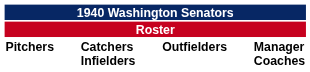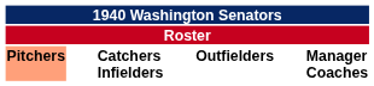 <table class="toccolours" style="font-size: 95%;">
 <tr>
 <th colspan="10" style="background-color: #072764; color: white; text-align: center;">1940 Washington Senators</th>
 </tr>
 <tr>
 <td colspan="10" style="background-color: #c6011f; color: white; text-align: center;"><strong>Roster</strong></td>
 </tr>
 <tr>
-<td valign="top"><strong>Pitchers</strong><br>             </td>
+<td valign="top" style="background: lightsalmon;"><strong>Pitchers</strong><br>             </td>
 <td width="25px"></td>
 <td valign="top"><strong>Catchers</strong><br>    <strong>Infielders</strong>            </td>
 <td width="25px"></td>
 <td valign="top"><strong>Outfielders</strong><br>    </td>
 <td width="25px"></td>
 <td valign="top"><strong>Manager</strong><br> <strong>Coaches</strong>    </td>
 </tr>
 <tr>
 </tr>
 </table>
